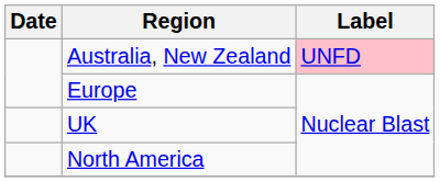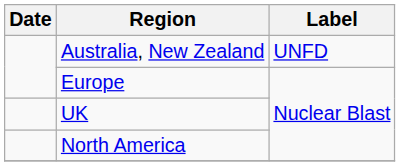 <table class="wikitable">
 <tr>
 <th>Date</th>
 <th>Region</th>
 <th>Label</th>
 </tr>
 <tr>
 <td rowspan=2></td>
 <td><a href='#'>Australia</a>, <a href='#'>New Zealand</a></td>
-<td style="background: pink;"><a href='#'>UNFD</a></td>
+<td><a href='#'>UNFD</a></td>
 </tr>
 <tr>
 <td><a href='#'>Europe</a></td>
 <td rowspan=3><a href='#'>Nuclear Blast</a></td>
 </tr>
 <tr>
 <td></td>
 <td><a href='#'>UK</a></td>
 </tr>
 <tr>
 <td></td>
 <td><a href='#'>North America</a></td>
 </tr>
 <tr>
 </tr>
 </table>
